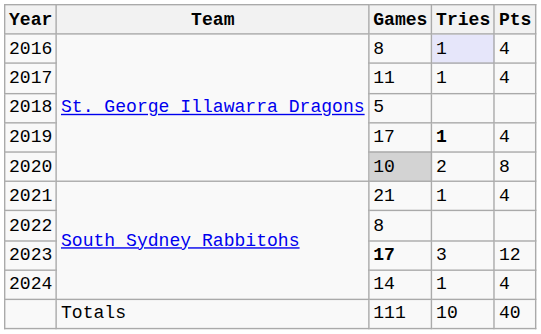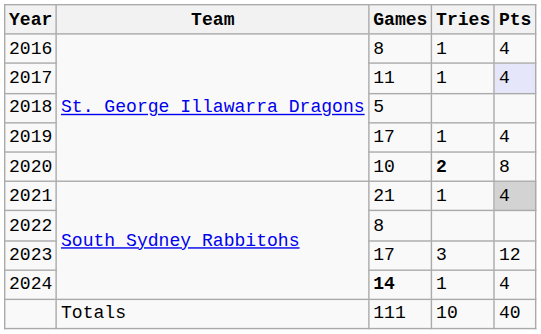 <table class="wikitable">
 <tr>
 <th>Year</th>
 <th>Team</th>
 <th>Games</th>
 <th>Tries</th>
 <th>Pts</th>
 </tr>
 <tr>
 <td>2016</td>
 <td rowspan="5"> <a href='#'>St. George Illawarra Dragons</a></td>
 <td>8</td>
-<td style="background: lavender;">1</td>
+<td>1</td>
 <td>4</td>
 </tr>
 <tr>
 <td>2017</td>
 <td>11</td>
 <td>1</td>
-<td>4</td>
+<td style="background: lavender;">4</td>
 </tr>
 <tr>
 <td>2018</td>
 <td>5</td>
 <td></td>
 <td></td>
 </tr>
 <tr>
 <td>2019</td>
 <td>17</td>
-<td><strong>1</strong></td>
+<td>1</td>
 <td>4</td>
 </tr>
 <tr>
 <td>2020</td>
-<td style="background: lightgrey;">10</td>
-<td>2</td>
+<td>10</td>
+<td><strong>2</strong></td>
 <td>8</td>
 </tr>
 <tr>
 <td>2021</td>
 <td rowspan="4">  <a href='#'>South Sydney Rabbitohs</a></td>
 <td>21</td>
 <td>1</td>
-<td>4</td>
+<td style="background: lightgrey;">4</td>
 </tr>
 <tr>
 <td>2022</td>
 <td>8</td>
 <td></td>
 <td></td>
 </tr>
 <tr>
 <td>2023</td>
-<td><strong>17</strong></td>
+<td>17</td>
 <td>3</td>
 <td>12</td>
 </tr>
 <tr>
 <td>2024</td>
-<td>14</td>
+<td><strong>14</strong></td>
 <td>1</td>
 <td>4</td>
 </tr>
 <tr>
 <td></td>
 <td>Totals</td>
 <td>111</td>
 <td>10</td>
 <td>40</td>
 </tr>
 </table>
